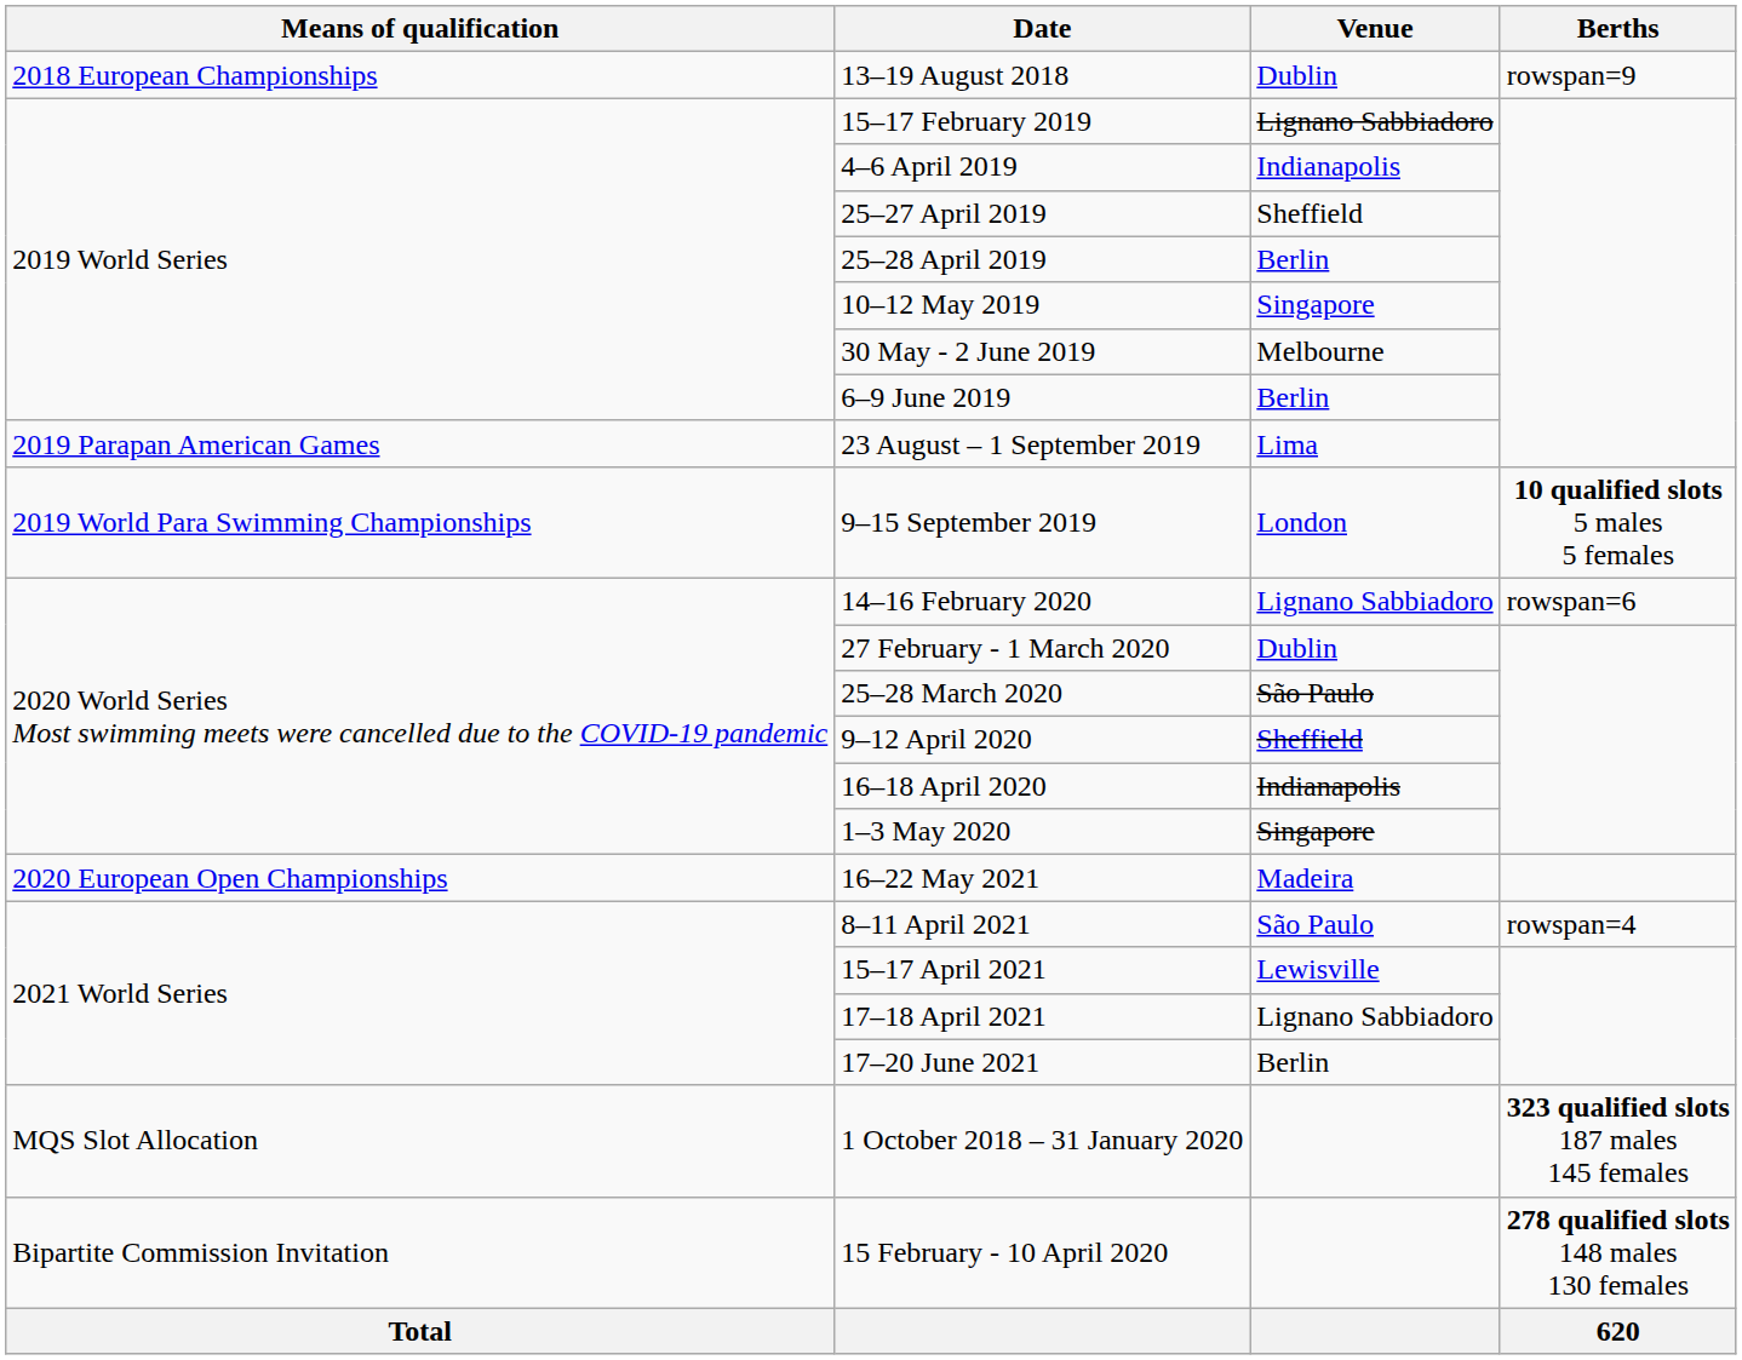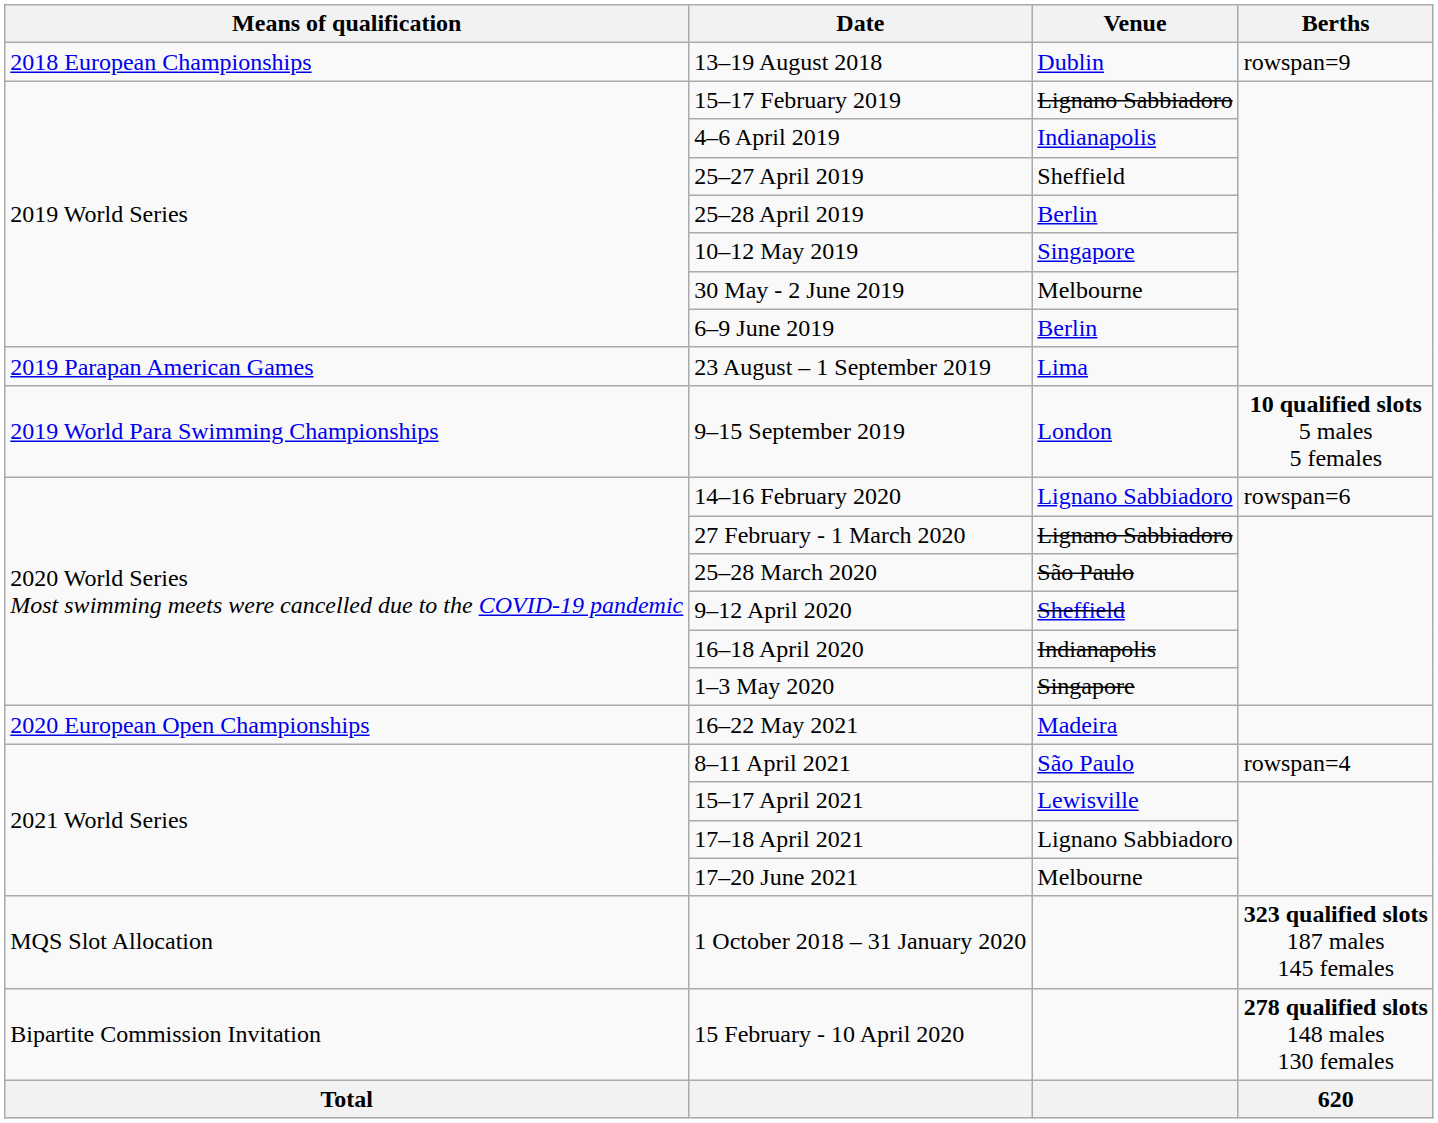 <table class="wikitable">
 <tr>
 <th>Means of qualification</th>
 <th>Date</th>
 <th>Venue</th>
 <th>Berths</th>
 </tr>
 <tr>
 <td><a href='#'>2018 European Championships</a></td>
 <td>13–19 August 2018</td>
 <td> <a href='#'>Dublin</a></td>
 <td>rowspan=9 </td>
 </tr>
 <tr>
 <td rowspan=7>2019 World Series</td>
 <td>15–17 February 2019</td>
 <td><s> Lignano Sabbiadoro</s></td>
 </tr>
 <tr>
 <td>4–6 April 2019</td>
 <td> <a href='#'>Indianapolis</a></td>
 </tr>
 <tr>
 <td>25–27 April 2019</td>
 <td> Sheffield</td>
 </tr>
 <tr>
 <td>25–28 April 2019</td>
 <td> <a href='#'>Berlin</a></td>
 </tr>
 <tr>
 <td>10–12 May 2019</td>
 <td> <a href='#'>Singapore</a></td>
 </tr>
 <tr>
 <td>30 May - 2 June 2019</td>
 <td> Melbourne</td>
 </tr>
 <tr>
 <td>6–9 June 2019</td>
 <td> <a href='#'>Berlin</a></td>
 </tr>
 <tr>
 <td><a href='#'>2019 Parapan American Games</a></td>
 <td>23 August – 1 September 2019</td>
 <td> <a href='#'>Lima</a></td>
 </tr>
 <tr>
 <td><a href='#'>2019 World Para Swimming Championships</a></td>
 <td>9–15 September 2019</td>
 <td> <a href='#'>London</a></td>
 <td align="center"><strong>10 qualified slots</strong><br>5 males<br>5 females</td>
 </tr>
 <tr>
 <td rowspan=6>2020 World Series<br><em>Most swimming meets were cancelled due to the <a href='#'>COVID-19 pandemic</a></em></td>
 <td>14–16 February 2020</td>
 <td> <a href='#'>Lignano Sabbiadoro</a></td>
 <td>rowspan=6 </td>
 </tr>
 <tr>
 <td>27 February - 1 March 2020</td>
-<td> <a href='#'>Dublin</a></td>
+<td><s> Lignano Sabbiadoro</s></td>
 </tr>
 <tr>
 <td>25–28 March 2020</td>
 <td><s> São Paulo</s></td>
 </tr>
 <tr>
 <td>9–12 April 2020</td>
 <td><s> <a href='#'>Sheffield</a></s></td>
 </tr>
 <tr>
 <td>16–18 April 2020</td>
 <td><s> Indianapolis</s></td>
 </tr>
 <tr>
 <td>1–3 May 2020</td>
 <td><s> Singapore</s></td>
 </tr>
 <tr>
 <td><a href='#'>2020 European Open Championships</a></td>
 <td>16–22 May 2021</td>
 <td> <a href='#'>Madeira</a></td>
 <td></td>
 </tr>
 <tr>
 <td rowspan=4>2021 World Series</td>
 <td>8–11 April 2021</td>
 <td> <a href='#'>São Paulo</a></td>
 <td>rowspan=4 </td>
 </tr>
 <tr>
 <td>15–17 April 2021</td>
 <td> <a href='#'>Lewisville</a></td>
 </tr>
 <tr>
 <td>17–18 April 2021</td>
 <td> Lignano Sabbiadoro</td>
 </tr>
 <tr>
 <td>17–20 June 2021</td>
-<td> Berlin</td>
+<td> Melbourne</td>
 </tr>
 <tr>
 <td>MQS Slot Allocation</td>
 <td>1 October 2018 – 31 January 2020</td>
 <td></td>
 <td align="center"><strong>323 qualified slots</strong><br>187 males<br>145 females</td>
 </tr>
 <tr>
 <td>Bipartite Commission Invitation</td>
 <td>15 February - 10 April 2020</td>
 <td></td>
 <td align="center"><strong>278 qualified slots</strong><br>148 males<br>130 females</td>
 </tr>
 <tr>
 <th>Total</th>
 <th></th>
 <th></th>
 <th align="center">620</th>
 </tr>
 </table>
